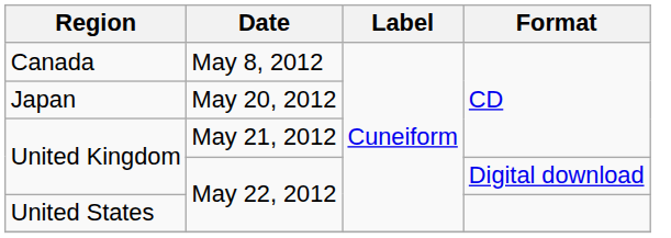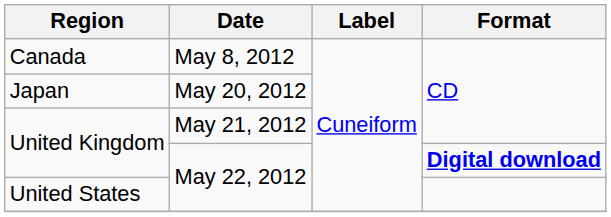 <table class="wikitable">
 <tr>
 <th>Region</th>
 <th>Date</th>
 <th>Label</th>
 <th>Format</th>
 </tr>
 <tr>
 <td>Canada</td>
 <td>May 8, 2012</td>
 <td rowspan="5"><a href='#'>Cuneiform</a></td>
 <td rowspan="3"><a href='#'>CD</a></td>
 </tr>
 <tr>
 <td>Japan</td>
 <td>May 20, 2012</td>
 </tr>
 <tr>
 <td rowspan="2">United Kingdom</td>
 <td>May 21, 2012</td>
 </tr>
 <tr>
 <td rowspan="2">May 22, 2012</td>
-<td><a href='#'>Digital download</a></td>
+<td><strong><a href='#'>Digital download</a></strong></td>
 </tr>
 <tr>
 <td>United States</td>
 <td></td>
 </tr>
 <tr>
 </tr>
 </table>
